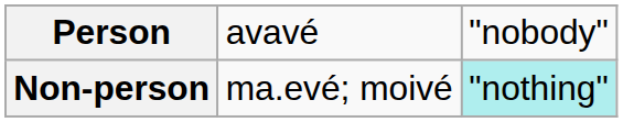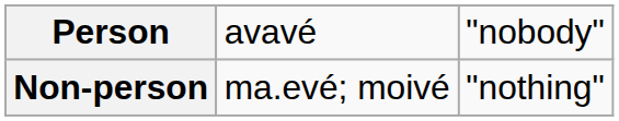 <table class="wikitable">
 <tr>
 <th>Person</th>
 <td>avavé</td>
 <td>"nobody"</td>
 </tr>
 <tr>
 <th>Non-person</th>
 <td>ma.evé; moivé</td>
-<td style="background: paleturquoise;">"nothing"</td>
+<td>"nothing"</td>
 </tr>
 </table>
